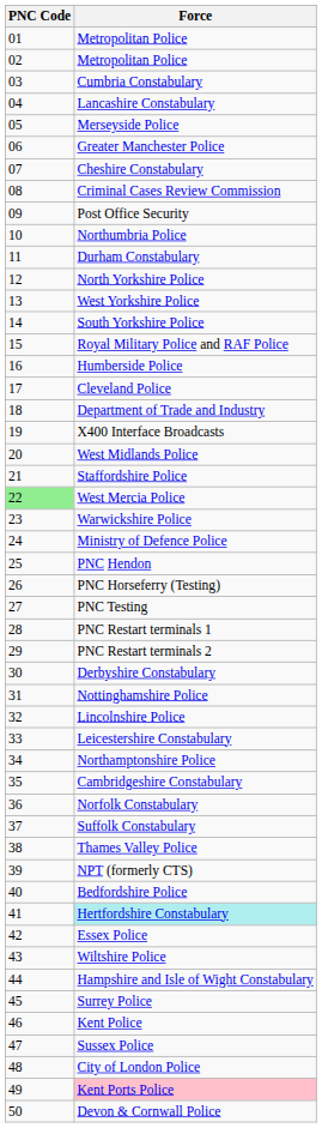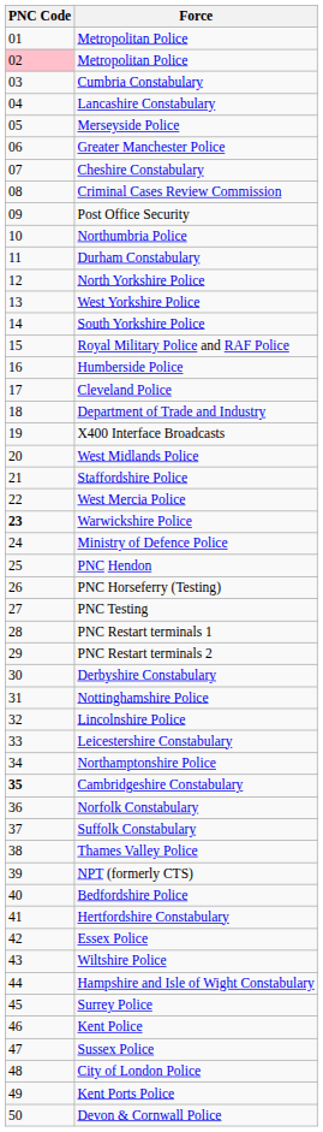 <table class="wikitable">
 <tr>
 <th>PNC Code</th>
 <th>Force</th>
 </tr>
 <tr>
 <td>01</td>
 <td><a href='#'>Metropolitan Police</a></td>
 </tr>
 <tr>
-<td>02</td>
+<td style="background: pink;">02</td>
 <td><a href='#'>Metropolitan Police</a></td>
 </tr>
 <tr>
 <td>03</td>
 <td><a href='#'>Cumbria Constabulary</a></td>
 </tr>
 <tr>
 <td>04</td>
 <td><a href='#'>Lancashire Constabulary</a></td>
 </tr>
 <tr>
 <td>05</td>
 <td><a href='#'>Merseyside Police</a></td>
 </tr>
 <tr>
 <td>06</td>
 <td><a href='#'>Greater Manchester Police</a></td>
 </tr>
 <tr>
 <td>07</td>
 <td><a href='#'>Cheshire Constabulary</a></td>
 </tr>
 <tr>
 <td>08</td>
 <td><a href='#'>Criminal Cases Review Commission</a></td>
 </tr>
 <tr>
 <td>09</td>
 <td>Post Office Security</td>
 </tr>
 <tr>
 <td>10</td>
 <td><a href='#'>Northumbria Police</a></td>
 </tr>
 <tr>
 <td>11</td>
 <td><a href='#'>Durham Constabulary</a></td>
 </tr>
 <tr>
 <td>12</td>
 <td><a href='#'>North Yorkshire Police</a></td>
 </tr>
 <tr>
 <td>13</td>
 <td><a href='#'>West Yorkshire Police</a></td>
 </tr>
 <tr>
 <td>14</td>
 <td><a href='#'>South Yorkshire Police</a></td>
 </tr>
 <tr>
 <td>15</td>
 <td><a href='#'>Royal Military Police</a> and <a href='#'>RAF Police</a></td>
 </tr>
 <tr>
 <td>16</td>
 <td><a href='#'>Humberside Police</a></td>
 </tr>
 <tr>
 <td>17</td>
 <td><a href='#'>Cleveland Police</a></td>
 </tr>
 <tr>
 <td>18</td>
 <td><a href='#'>Department of Trade and Industry</a></td>
 </tr>
 <tr>
 <td>19</td>
 <td>X400 Interface Broadcasts</td>
 </tr>
 <tr>
 <td>20</td>
 <td><a href='#'>West Midlands Police</a></td>
 </tr>
 <tr>
 <td>21</td>
 <td><a href='#'>Staffordshire Police</a></td>
 </tr>
 <tr>
-<td style="background: lightgreen;">22</td>
+<td>22</td>
 <td><a href='#'>West Mercia Police</a></td>
 </tr>
 <tr>
-<td>23</td>
+<td><strong>23</strong></td>
 <td><a href='#'>Warwickshire Police</a></td>
 </tr>
 <tr>
 <td>24</td>
 <td><a href='#'>Ministry of Defence Police</a></td>
 </tr>
 <tr>
 <td>25</td>
 <td><a href='#'>PNC</a> <a href='#'>Hendon</a></td>
 </tr>
 <tr>
 <td>26</td>
 <td>PNC Horseferry (Testing)</td>
 </tr>
 <tr>
 <td>27</td>
 <td>PNC Testing</td>
 </tr>
 <tr>
 <td>28</td>
 <td>PNC Restart terminals 1</td>
 </tr>
 <tr>
 <td>29</td>
 <td>PNC Restart terminals 2</td>
 </tr>
 <tr>
 <td>30</td>
 <td><a href='#'>Derbyshire Constabulary</a></td>
 </tr>
 <tr>
 <td>31</td>
 <td><a href='#'>Nottinghamshire Police</a></td>
 </tr>
 <tr>
 <td>32</td>
 <td><a href='#'>Lincolnshire Police</a></td>
 </tr>
 <tr>
 <td>33</td>
 <td><a href='#'>Leicestershire Constabulary</a></td>
 </tr>
 <tr>
 <td>34</td>
 <td><a href='#'>Northamptonshire Police</a></td>
 </tr>
 <tr>
-<td>35</td>
+<td><strong>35</strong></td>
 <td><a href='#'>Cambridgeshire Constabulary</a></td>
 </tr>
 <tr>
 <td>36</td>
 <td><a href='#'>Norfolk Constabulary</a></td>
 </tr>
 <tr>
 <td>37</td>
 <td><a href='#'>Suffolk Constabulary</a></td>
 </tr>
 <tr>
 <td>38</td>
 <td><a href='#'>Thames Valley Police</a></td>
 </tr>
 <tr>
 <td>39</td>
 <td><a href='#'>NPT</a> (formerly CTS)</td>
 </tr>
 <tr>
 <td>40</td>
 <td><a href='#'>Bedfordshire Police</a></td>
 </tr>
 <tr>
 <td>41</td>
-<td style="background: paleturquoise;"><a href='#'>Hertfordshire Constabulary</a></td>
+<td><a href='#'>Hertfordshire Constabulary</a></td>
 </tr>
 <tr>
 <td>42</td>
 <td><a href='#'>Essex Police</a></td>
 </tr>
 <tr>
 <td>43</td>
 <td><a href='#'>Wiltshire Police</a></td>
 </tr>
 <tr>
 <td>44</td>
 <td><a href='#'>Hampshire and Isle of Wight Constabulary</a></td>
 </tr>
 <tr>
 <td>45</td>
 <td><a href='#'>Surrey Police</a></td>
 </tr>
 <tr>
 <td>46</td>
 <td><a href='#'>Kent Police</a></td>
 </tr>
 <tr>
 <td>47</td>
 <td><a href='#'>Sussex Police</a></td>
 </tr>
 <tr>
 <td>48</td>
 <td><a href='#'>City of London Police</a></td>
 </tr>
 <tr>
 <td>49</td>
-<td style="background: pink;"><a href='#'>Kent Ports Police</a></td>
+<td><a href='#'>Kent Ports Police</a></td>
 </tr>
 <tr>
 <td>50</td>
 <td><a href='#'>Devon & Cornwall Police</a></td>
 </tr>
 </table>
